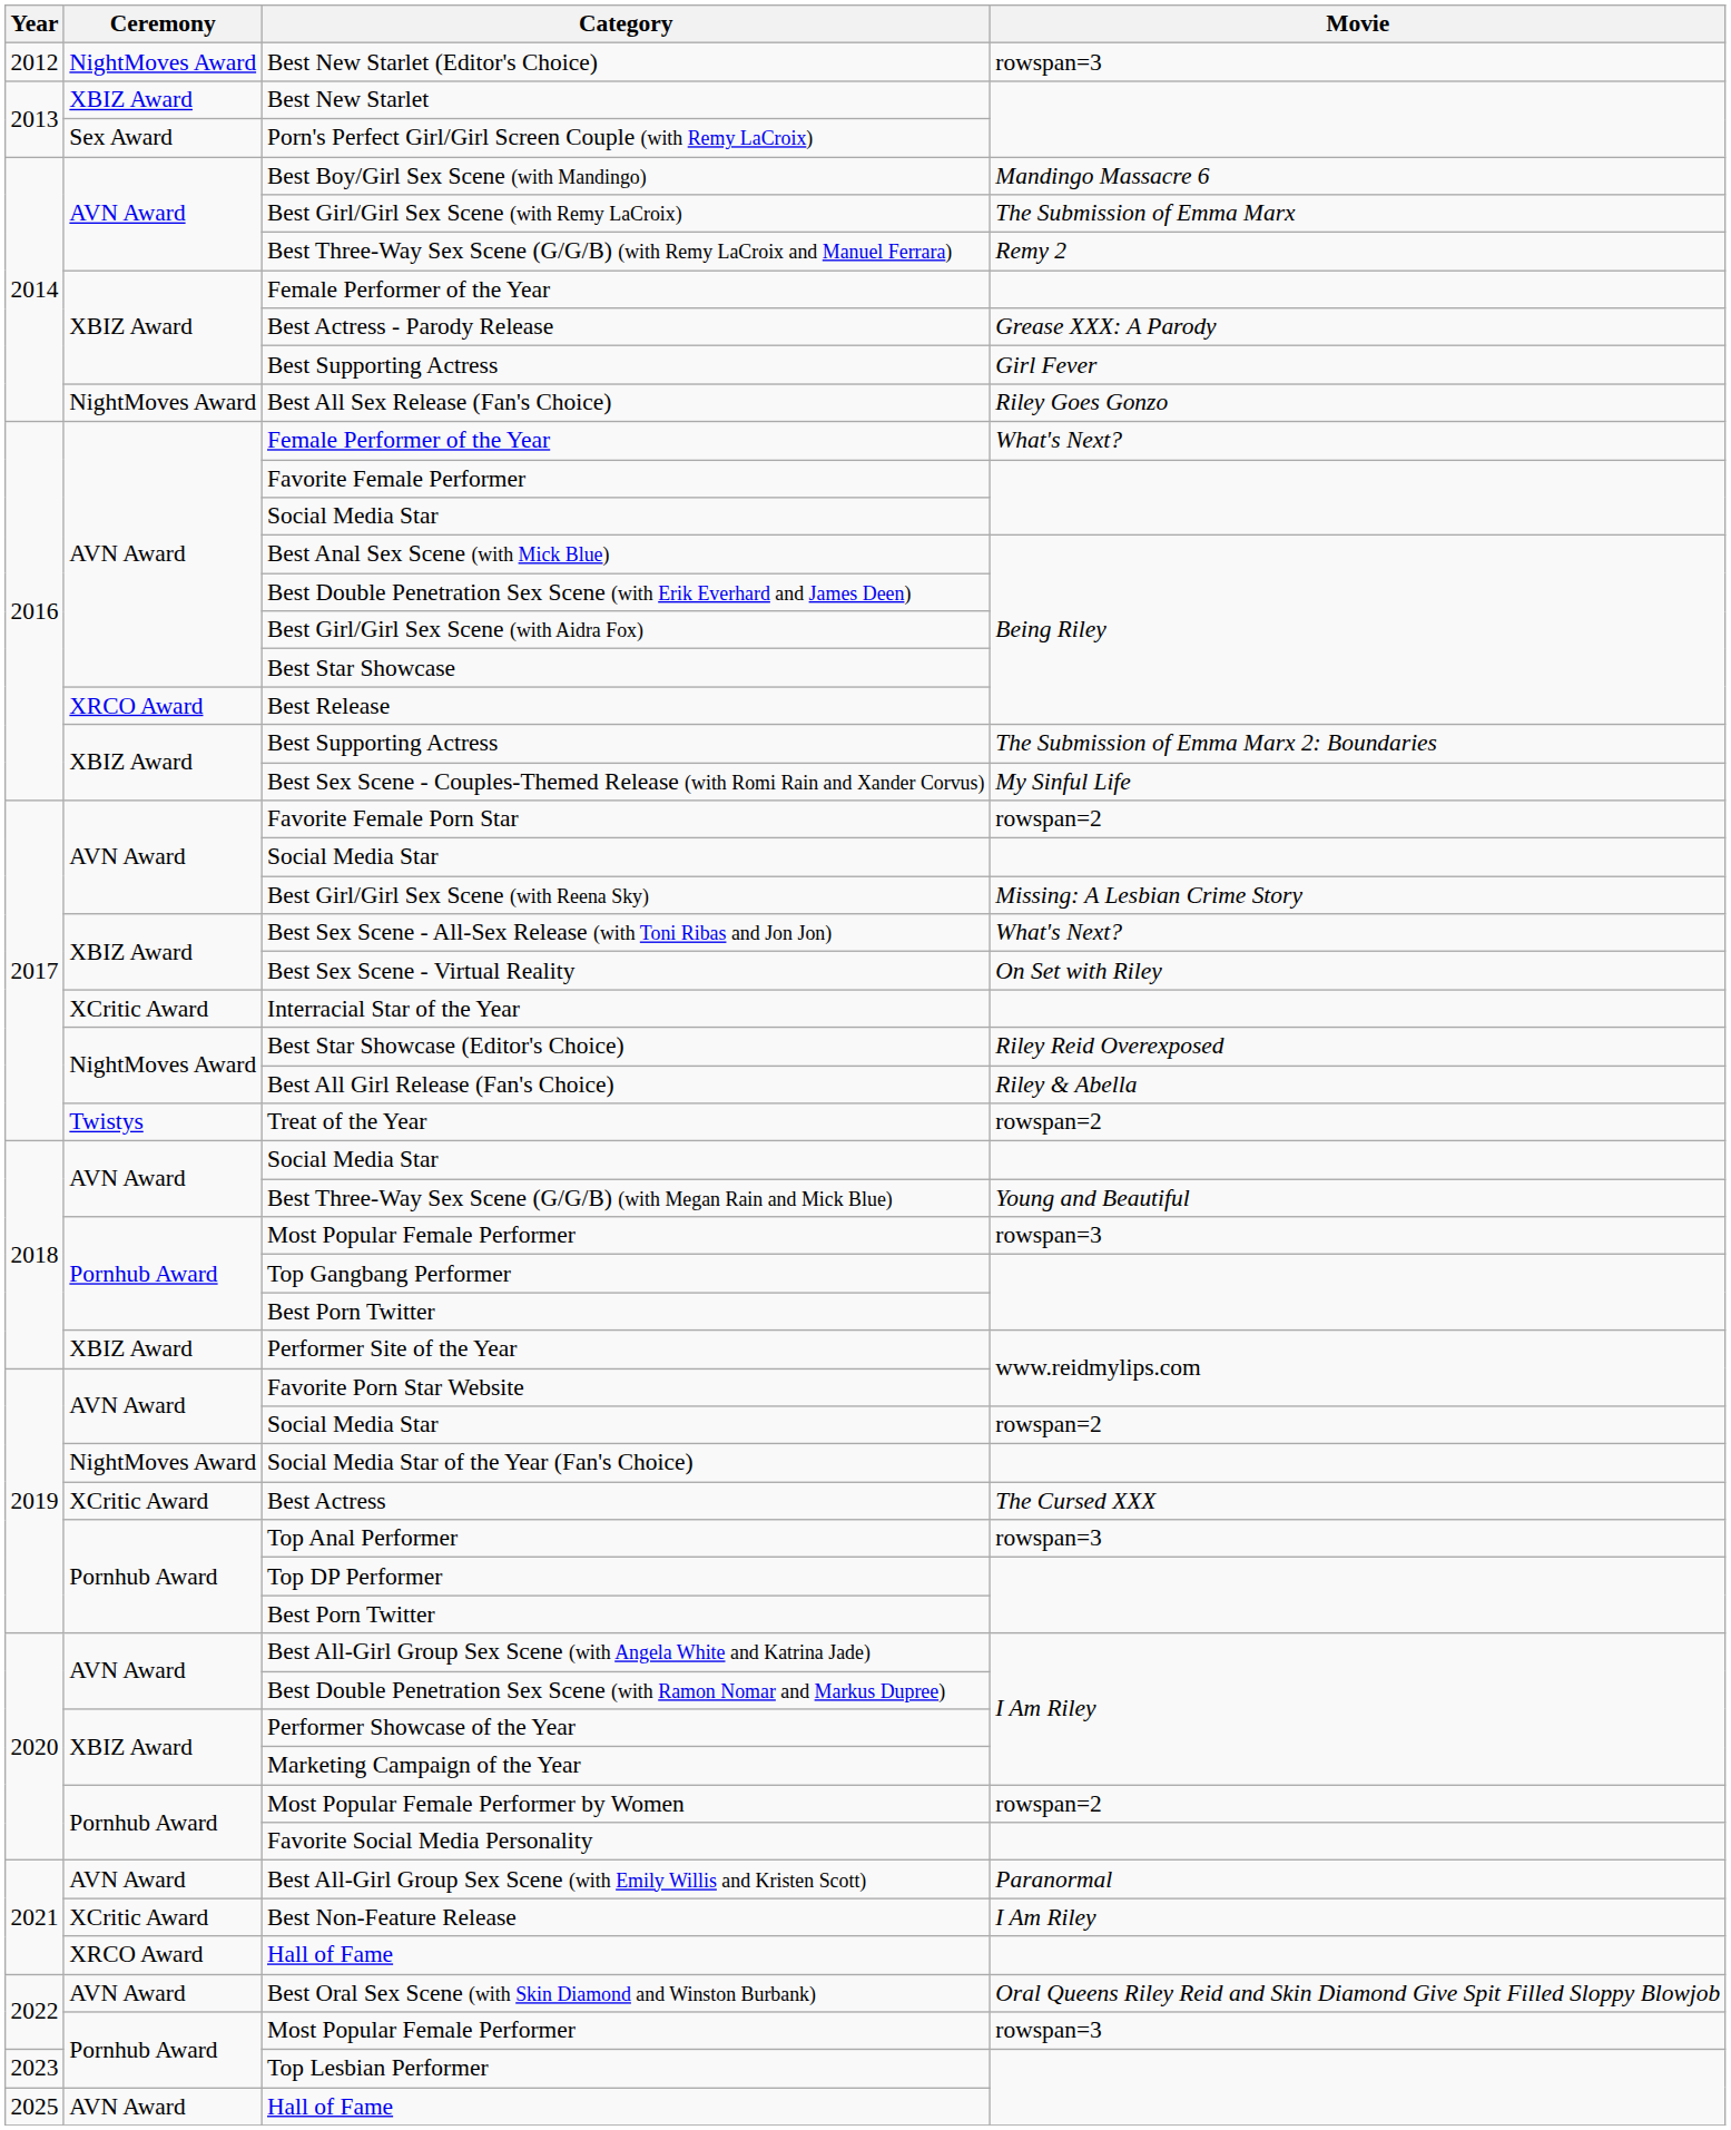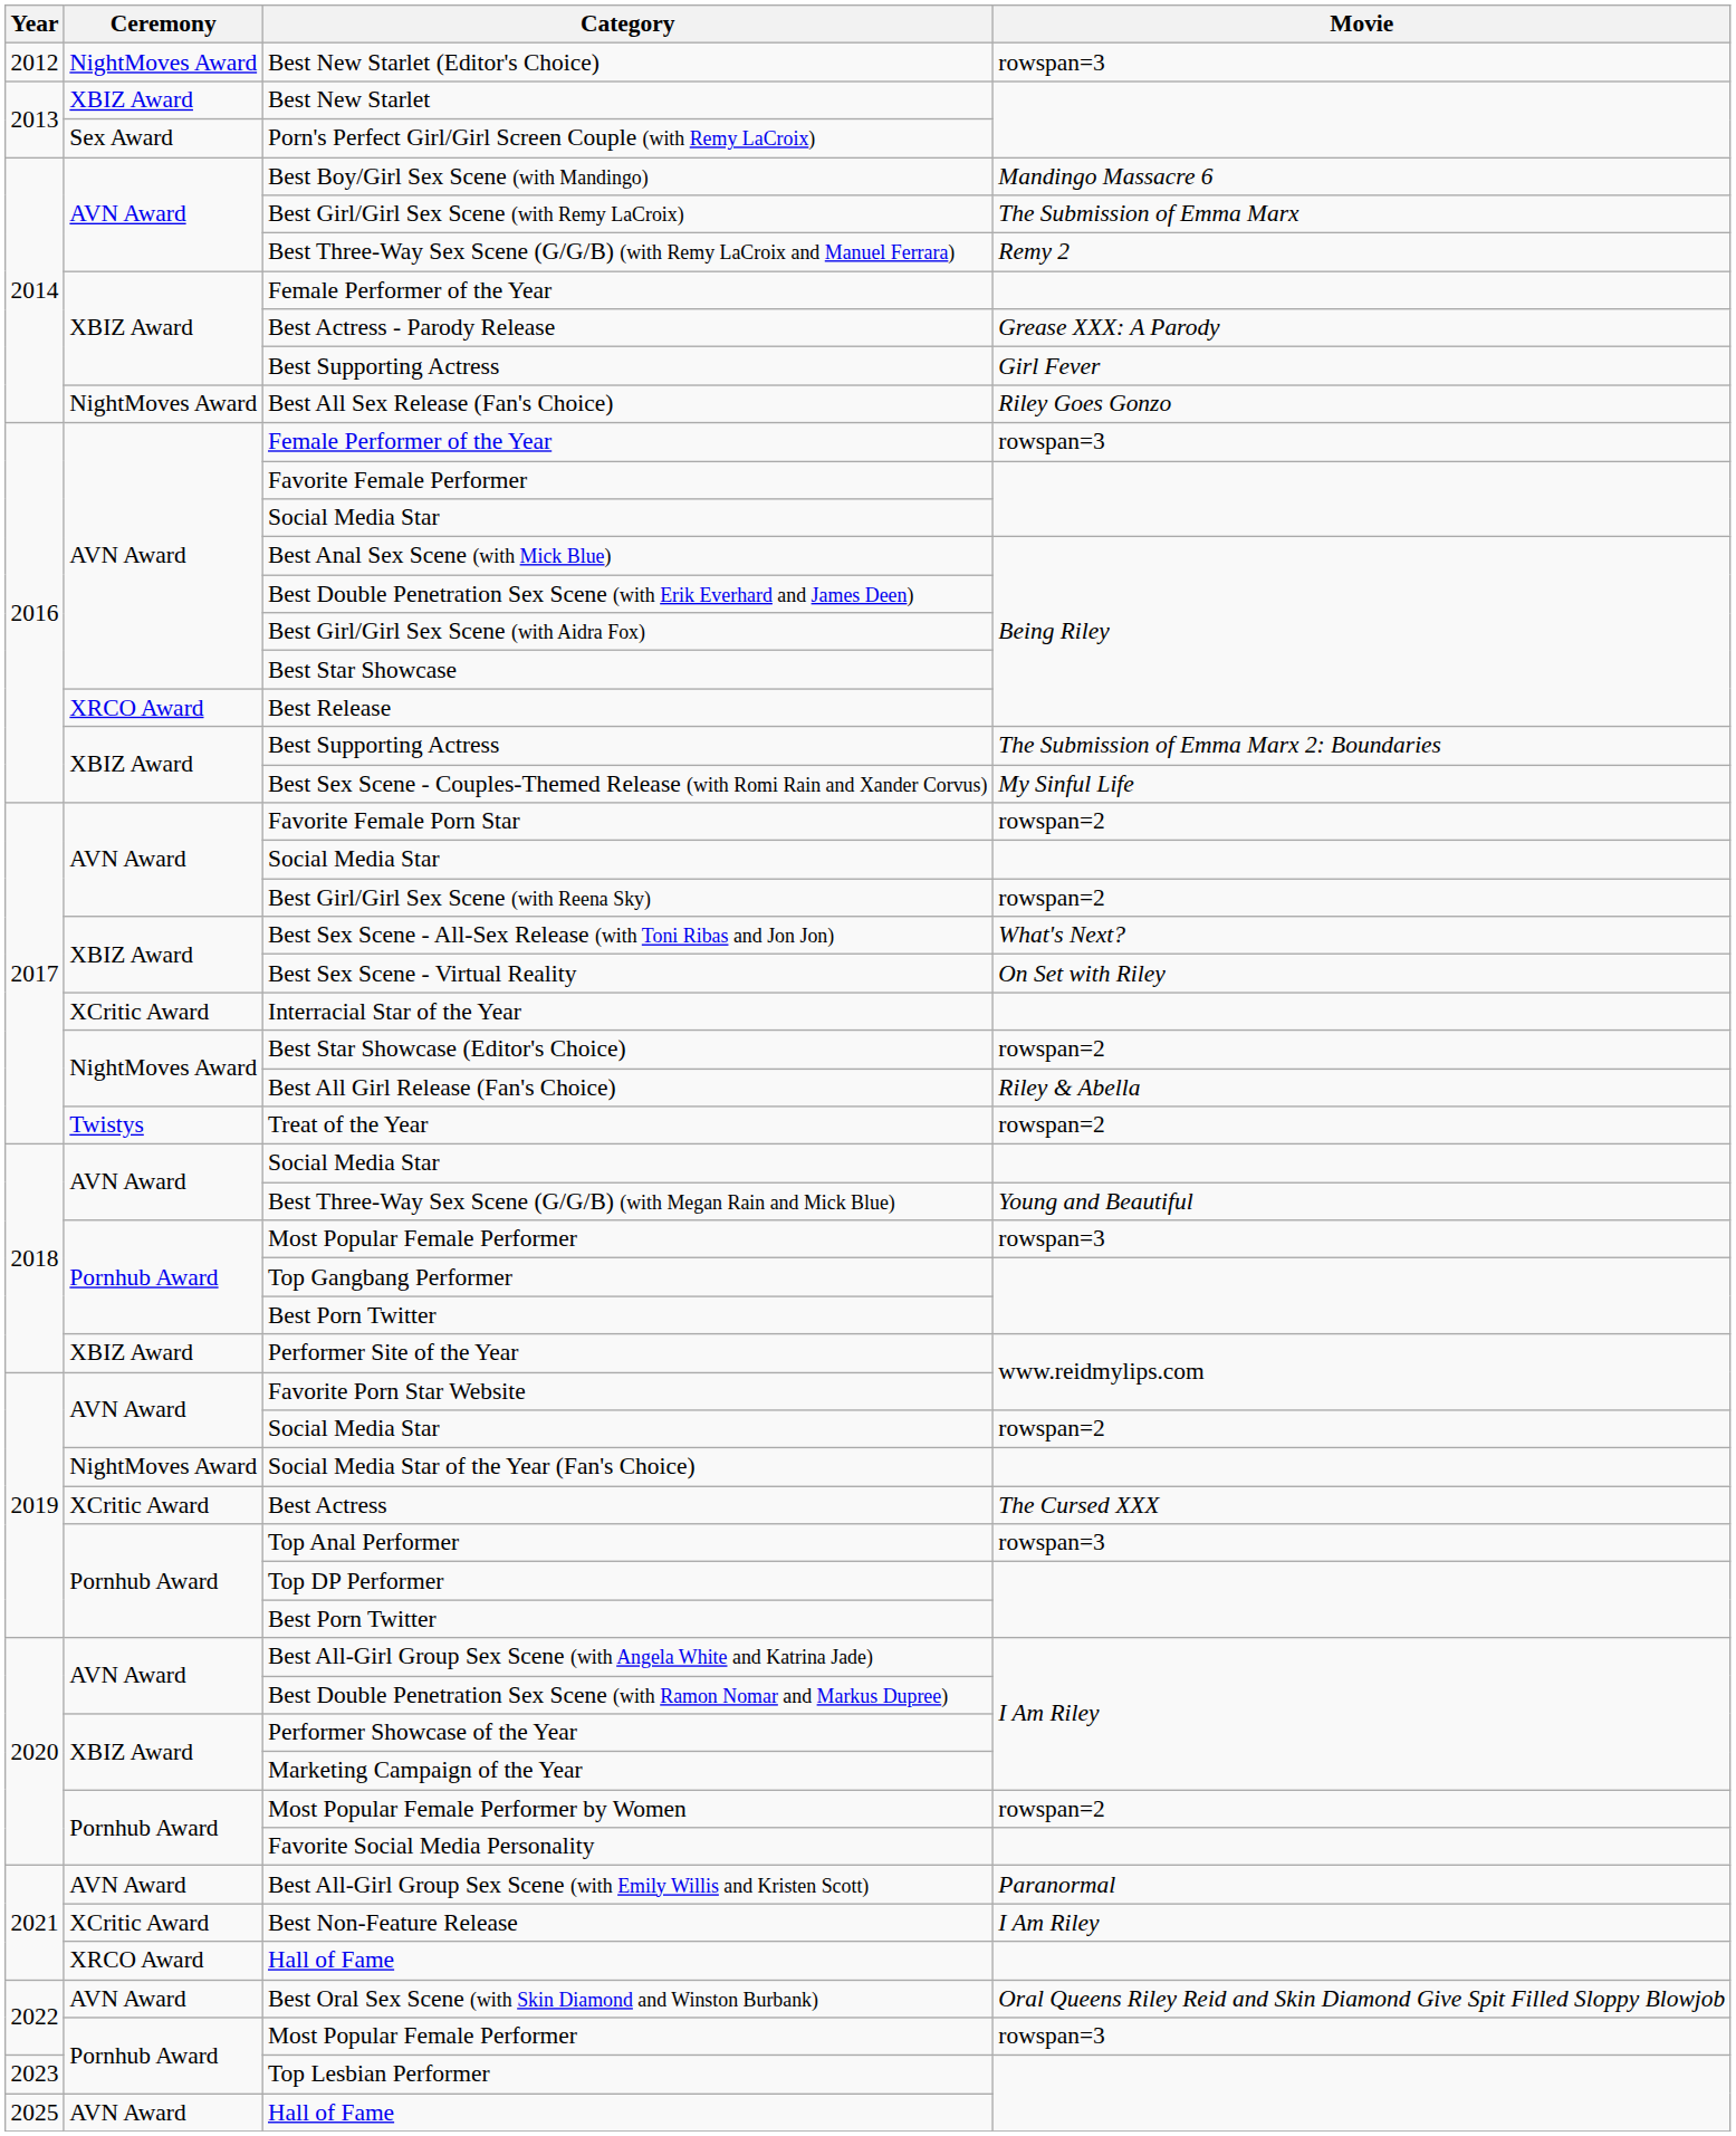 <table class="wikitable">
 <tr>
 <th>Year</th>
 <th>Ceremony</th>
 <th>Category</th>
 <th>Movie</th>
 </tr>
 <tr>
 <td>2012</td>
 <td><a href='#'>NightMoves Award</a></td>
 <td>Best New Starlet (Editor's Choice)</td>
 <td>rowspan=3</td>
 </tr>
 <tr>
 <td rowspan=2>2013</td>
 <td><a href='#'>XBIZ Award</a></td>
 <td>Best New Starlet</td>
 </tr>
 <tr>
 <td>Sex Award</td>
 <td>Porn's Perfect Girl/Girl Screen Couple <small>(with <a href='#'>Remy LaCroix</a>)</small></td>
 </tr>
 <tr>
 <td rowspan=7>2014</td>
 <td rowspan=3><a href='#'>AVN Award</a></td>
 <td>Best Boy/Girl Sex Scene <small>(with Mandingo)</small></td>
 <td><em>Mandingo Massacre 6</em></td>
 </tr>
 <tr>
 <td>Best Girl/Girl Sex Scene <small>(with Remy LaCroix)</small></td>
 <td><em>The Submission of Emma Marx</em></td>
 </tr>
 <tr>
 <td>Best Three-Way Sex Scene (G/G/B) <small>(with Remy LaCroix and <a href='#'>Manuel Ferrara</a>)</small></td>
 <td><em>Remy 2</em></td>
 </tr>
 <tr>
 <td rowspan=3>XBIZ Award</td>
 <td>Female Performer of the Year</td>
 <td></td>
 </tr>
 <tr>
 <td>Best Actress - Parody Release</td>
 <td><em>Grease XXX: A Parody</em></td>
 </tr>
 <tr>
 <td>Best Supporting Actress</td>
 <td><em>Girl Fever</em></td>
 </tr>
 <tr>
 <td>NightMoves Award</td>
 <td>Best All Sex Release (Fan's Choice)</td>
 <td><em>Riley Goes Gonzo</em></td>
 </tr>
 <tr>
 <td rowspan=10>2016</td>
 <td rowspan=7>AVN Award</td>
 <td><a href='#'>Female Performer of the Year</a></td>
-<td><em>What's Next?</em></td>
+<td>rowspan=3</td>
 </tr>
 <tr>
 <td>Favorite Female Performer</td>
 </tr>
 <tr>
 <td>Social Media Star</td>
 </tr>
 <tr>
 <td>Best Anal Sex Scene <small>(with <a href='#'>Mick Blue</a>)</small></td>
 <td rowspan=5><em>Being Riley</em></td>
 </tr>
 <tr>
 <td>Best Double Penetration Sex Scene <small>(with <a href='#'>Erik Everhard</a> and <a href='#'>James Deen</a>)</small></td>
 </tr>
 <tr>
 <td>Best Girl/Girl Sex Scene <small>(with Aidra Fox)</small></td>
 </tr>
 <tr>
 <td>Best Star Showcase</td>
 </tr>
 <tr>
 <td><a href='#'>XRCO Award</a></td>
 <td>Best Release</td>
 </tr>
 <tr>
 <td rowspan=2>XBIZ Award</td>
 <td>Best Supporting Actress</td>
 <td><em>The Submission of Emma Marx 2: Boundaries</em></td>
 </tr>
 <tr>
 <td>Best Sex Scene - Couples-Themed Release <small>(with Romi Rain and Xander Corvus)</small></td>
 <td><em>My Sinful Life</em></td>
 </tr>
 <tr>
 <td rowspan=9>2017</td>
 <td rowspan=3>AVN Award</td>
 <td>Favorite Female Porn Star</td>
 <td>rowspan=2</td>
 </tr>
 <tr>
 <td>Social Media Star</td>
 </tr>
 <tr>
 <td>Best Girl/Girl Sex Scene <small>(with Reena Sky)</small></td>
-<td><em>Missing: A Lesbian Crime Story</em></td>
+<td>rowspan=2 </td>
 </tr>
 <tr>
 <td rowspan=2>XBIZ Award</td>
 <td>Best Sex Scene - All-Sex Release <small>(with <a href='#'>Toni Ribas</a> and Jon Jon)</small></td>
 <td><em>What's Next?</em></td>
 </tr>
 <tr>
 <td>Best Sex Scene - Virtual Reality</td>
 <td><em>On Set with Riley</em></td>
 </tr>
 <tr>
 <td>XCritic Award</td>
 <td>Interracial Star of the Year</td>
 <td></td>
 </tr>
 <tr>
 <td rowspan=2>NightMoves Award</td>
 <td>Best Star Showcase (Editor's Choice)</td>
-<td><em>Riley Reid Overexposed</em></td>
+<td>rowspan=2</td>
 </tr>
 <tr>
 <td>Best All Girl Release (Fan's Choice)</td>
 <td><em>Riley & Abella</em></td>
 </tr>
 <tr>
 <td><a href='#'>Twistys</a></td>
 <td>Treat of the Year</td>
 <td>rowspan=2 </td>
 </tr>
 <tr>
 <td rowspan=6>2018</td>
 <td rowspan=2>AVN Award</td>
 <td>Social Media Star</td>
 </tr>
 <tr>
 <td>Best Three-Way Sex Scene (G/G/B) <small>(with Megan Rain and Mick Blue)</small></td>
 <td><em>Young and Beautiful</em></td>
 </tr>
 <tr>
 <td rowspan=3><a href='#'>Pornhub Award</a></td>
 <td>Most Popular Female Performer</td>
 <td>rowspan=3</td>
 </tr>
 <tr>
 <td>Top Gangbang Performer</td>
 </tr>
 <tr>
 <td>Best Porn Twitter</td>
 </tr>
 <tr>
 <td>XBIZ Award</td>
 <td>Performer Site of the Year</td>
 <td rowspan=2>www.reidmylips.com</td>
 </tr>
 <tr>
 <td rowspan=7>2019</td>
 <td rowspan=2>AVN Award</td>
 <td>Favorite Porn Star Website</td>
 </tr>
 <tr>
 <td>Social Media Star</td>
 <td>rowspan=2</td>
 </tr>
 <tr>
 <td>NightMoves Award</td>
 <td>Social Media Star of the Year (Fan's Choice)</td>
 </tr>
 <tr>
 <td>XCritic Award</td>
 <td>Best Actress</td>
 <td><em>The Cursed XXX</em></td>
 </tr>
 <tr>
 <td rowspan=3>Pornhub Award</td>
 <td>Top Anal Performer</td>
 <td>rowspan=3</td>
 </tr>
 <tr>
 <td>Top DP Performer</td>
 </tr>
 <tr>
 <td>Best Porn Twitter</td>
 </tr>
 <tr>
 <td rowspan=6>2020</td>
 <td rowspan=2>AVN Award</td>
 <td>Best All-Girl Group Sex Scene <small>(with <a href='#'>Angela White</a> and Katrina Jade)</small></td>
 <td rowspan=4><em>I Am Riley</em></td>
 </tr>
 <tr>
 <td>Best Double Penetration Sex Scene <small>(with <a href='#'>Ramon Nomar</a> and <a href='#'>Markus Dupree</a>)</small></td>
 </tr>
 <tr>
 <td rowspan=2>XBIZ Award</td>
 <td>Performer Showcase of the Year</td>
 </tr>
 <tr>
 <td>Marketing Campaign of the Year</td>
 </tr>
 <tr>
 <td rowspan=2>Pornhub Award</td>
 <td>Most Popular Female Performer by Women</td>
 <td>rowspan=2</td>
 </tr>
 <tr>
 <td>Favorite Social Media Personality</td>
 </tr>
 <tr>
 <td rowspan=3>2021</td>
 <td>AVN Award</td>
 <td>Best All-Girl Group Sex Scene <small>(with <a href='#'>Emily Willis</a> and Kristen Scott)</small></td>
 <td><em>Paranormal</em></td>
 </tr>
 <tr>
 <td>XCritic Award</td>
 <td>Best Non-Feature Release</td>
 <td><em>I Am Riley</em></td>
 </tr>
 <tr>
 <td>XRCO Award</td>
 <td><a href='#'>Hall of Fame</a></td>
 <td></td>
 </tr>
 <tr>
 <td rowspan="2">2022</td>
 <td>AVN Award</td>
 <td>Best Oral Sex Scene <small>(with <a href='#'>Skin Diamond</a> and Winston Burbank)</small></td>
 <td><em>Oral Queens Riley Reid and Skin Diamond Give Spit Filled Sloppy Blowjob</em></td>
 </tr>
 <tr>
 <td rowspan=2>Pornhub Award</td>
 <td>Most Popular Female Performer</td>
 <td>rowspan=3 </td>
 </tr>
 <tr>
 <td>2023</td>
 <td>Top Lesbian Performer</td>
 </tr>
 <tr>
 <td>2025</td>
 <td>AVN Award</td>
 <td><a href='#'>Hall of Fame</a></td>
 </tr>
 </table>
